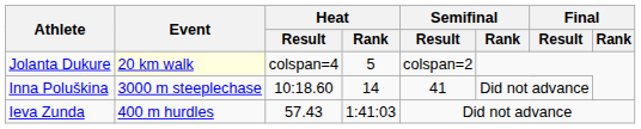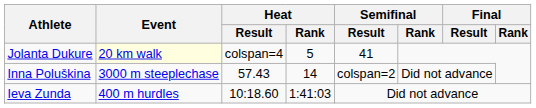 <table class=wikitable style="font-size:90%">
 <tr>
 <th rowspan="2">Athlete</th>
 <th rowspan="2">Event</th>
 <th colspan="2">Heat</th>
 <th colspan="2">Semifinal</th>
 <th colspan="2">Final</th>
 </tr>
 <tr style="font-size:95%">
 <th>Result</th>
 <th>Rank</th>
 <th>Result</th>
 <th>Rank</th>
 <th>Result</th>
 <th>Rank</th>
 </tr>
 <tr align=center>
 <td align=left><a href='#'>Jolanta Dukure</a></td>
 <td align=left style="background: lightyellow;"><a href='#'>20 km walk</a></td>
 <td>colspan=4 </td>
 <td>5</td>
-<td>colspan=2 </td>
+<td>41</td>
 </tr>
 <tr align=center>
 <td align=left><a href='#'>Inna Poluškina</a></td>
 <td align=left><a href='#'>3000 m steeplechase</a></td>
-<td>10:18.60</td>
+<td>57.43</td>
 <td>14</td>
-<td>41</td>
+<td>colspan=2 </td>
 <td colspan=2>Did not advance</td>
 </tr>
 <tr align=center>
 <td align=left><a href='#'>Ieva Zunda</a></td>
 <td align=left><a href='#'>400 m hurdles</a></td>
-<td>57.43</td>
+<td>10:18.60</td>
 <td>1:41:03</td>
 <td colspan=4>Did not advance</td>
 </tr>
 </table>
